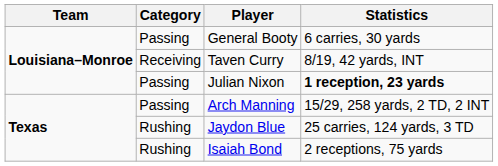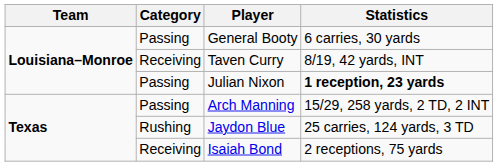 <table class="wikitable" style="float: right;">
 <tr>
 <th>Team</th>
 <th>Category</th>
 <th>Player</th>
 <th>Statistics</th>
 </tr>
 <tr>
 <td rowspan=3><strong>Louisiana–Monroe</strong></td>
 <td>Passing</td>
 <td>General Booty</td>
 <td>6 carries, 30 yards</td>
 </tr>
 <tr>
 <td>Receiving</td>
 <td>Taven Curry</td>
 <td>8/19, 42 yards, INT</td>
 </tr>
 <tr>
 <td>Passing</td>
 <td>Julian Nixon</td>
 <td><strong>1 reception, 23 yards</strong></td>
 </tr>
 <tr>
 <td rowspan=3><strong>Texas</strong></td>
 <td>Passing</td>
 <td><a href='#'>Arch Manning</a></td>
 <td>15/29, 258 yards, 2 TD, 2 INT</td>
 </tr>
 <tr>
 <td>Rushing</td>
 <td><a href='#'>Jaydon Blue</a></td>
 <td>25 carries, 124 yards, 3 TD</td>
 </tr>
 <tr>
-<td>Rushing</td>
+<td>Receiving</td>
 <td><a href='#'>Isaiah Bond</a></td>
 <td>2 receptions, 75 yards</td>
 </tr>
 </table>
